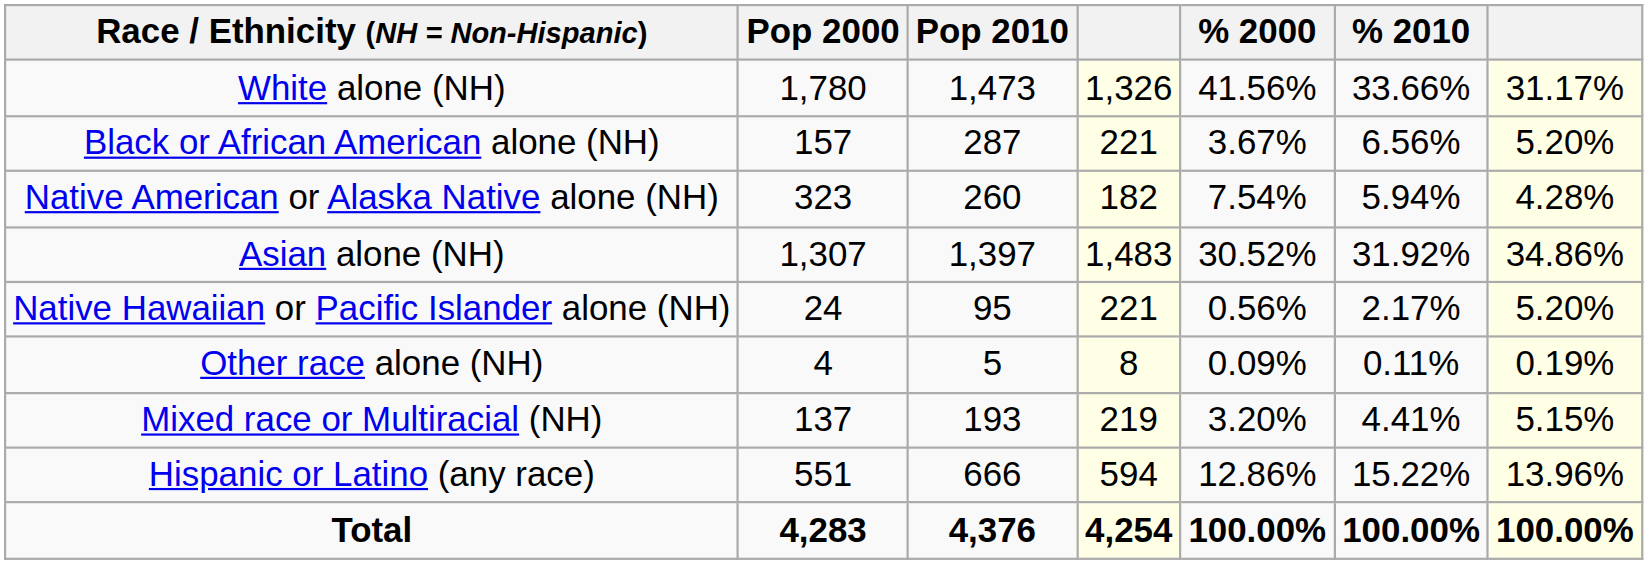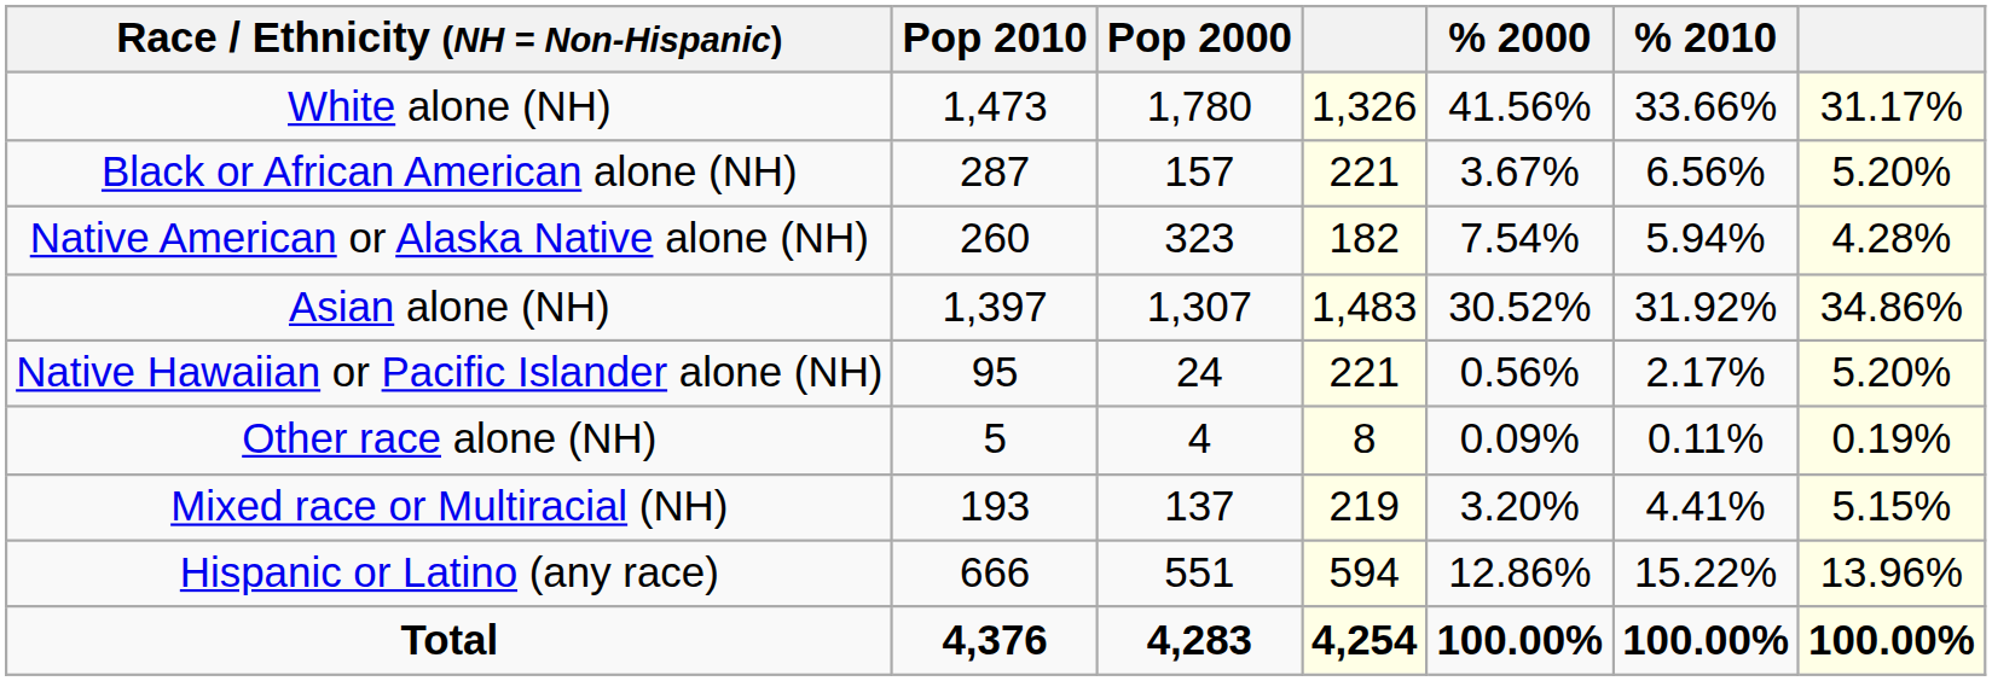 <table class="wikitable" style="text-align:center;">
 <tr>
 <th>Race / Ethnicity <small>(<em>NH = Non-Hispanic</em>)</small></th>
+<th>Pop 2010</th>
 <th>Pop 2000</th>
-<th>Pop 2010</th>
 <th></th>
 <th>% 2000</th>
 <th>% 2010</th>
 <th></th>
 </tr>
 <tr>
 <td><a href='#'>White</a> alone (NH)</td>
+<td>1,473</td>
 <td>1,780</td>
-<td>1,473</td>
 <td style='background: #ffffe6;'>1,326</td>
 <td>41.56%</td>
 <td>33.66%</td>
 <td style='background: #ffffe6;'>31.17%</td>
 </tr>
 <tr>
 <td><a href='#'>Black or African American</a> alone (NH)</td>
+<td>287</td>
 <td>157</td>
-<td>287</td>
 <td style='background: #ffffe6;'>221</td>
 <td>3.67%</td>
 <td>6.56%</td>
 <td style='background: #ffffe6;'>5.20%</td>
 </tr>
 <tr>
 <td><a href='#'>Native American</a> or <a href='#'>Alaska Native</a> alone (NH)</td>
+<td>260</td>
 <td>323</td>
-<td>260</td>
 <td style='background: #ffffe6;'>182</td>
 <td>7.54%</td>
 <td>5.94%</td>
 <td style='background: #ffffe6;'>4.28%</td>
 </tr>
 <tr>
 <td><a href='#'>Asian</a> alone (NH)</td>
+<td>1,397</td>
 <td>1,307</td>
-<td>1,397</td>
 <td style='background: #ffffe6;'>1,483</td>
 <td>30.52%</td>
 <td>31.92%</td>
 <td style='background: #ffffe6;'>34.86%</td>
 </tr>
 <tr>
 <td><a href='#'>Native Hawaiian</a> or <a href='#'>Pacific Islander</a> alone (NH)</td>
+<td>95</td>
 <td>24</td>
-<td>95</td>
 <td style='background: #ffffe6;'>221</td>
 <td>0.56%</td>
 <td>2.17%</td>
 <td style='background: #ffffe6;'>5.20%</td>
 </tr>
 <tr>
 <td><a href='#'>Other race</a> alone (NH)</td>
+<td>5</td>
 <td>4</td>
-<td>5</td>
 <td style='background: #ffffe6;'>8</td>
 <td>0.09%</td>
 <td>0.11%</td>
 <td style='background: #ffffe6;'>0.19%</td>
 </tr>
 <tr>
 <td><a href='#'>Mixed race or Multiracial</a> (NH)</td>
+<td>193</td>
 <td>137</td>
-<td>193</td>
 <td style='background: #ffffe6;'>219</td>
 <td>3.20%</td>
 <td>4.41%</td>
 <td style='background: #ffffe6;'>5.15%</td>
 </tr>
 <tr>
 <td><a href='#'>Hispanic or Latino</a> (any race)</td>
+<td>666</td>
 <td>551</td>
-<td>666</td>
 <td style='background: #ffffe6;'>594</td>
 <td>12.86%</td>
 <td>15.22%</td>
 <td style='background: #ffffe6;'>13.96%</td>
 </tr>
 <tr>
 <td><strong>Total</strong></td>
+<td><strong>4,376</strong></td>
 <td><strong>4,283</strong></td>
-<td><strong>4,376</strong></td>
 <td style='background: #ffffe6;'><strong>4,254</strong></td>
 <td><strong>100.00%</strong></td>
 <td><strong>100.00%</strong></td>
 <td style='background: #ffffe6;'><strong>100.00%</strong></td>
 </tr>
 </table>
